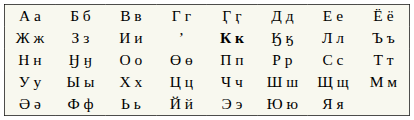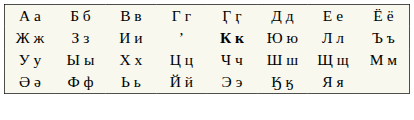 <table style="border: 1px solid rgb(0, 0, 0); border-image: none; font-family: Arial Unicode MS; font-size: 1.4em; border-collapse: collapse; background-color: rgb(248, 248, 239);">
 <tr>
 <td style="width:3em; text-align:center; padding: 3px;">А а</td>
 <td style="width:3em; text-align:center; padding: 3px;">Б б</td>
 <td style="width:3em; text-align:center; padding: 3px;">В в</td>
 <td style="width:3em; text-align:center; padding: 3px;">Г г</td>
 <td style="width:3em; text-align:center; padding: 3px;">Ӷ ӷ</td>
 <td style="width:3em; text-align:center; padding: 3px;">Д д</td>
 <td style="width:3em; text-align:center; padding: 3px;">Е е</td>
 <td style="width:3em; text-align:center; padding: 3px;">Ё ё</td>
 </tr>
 <tr>
 <td style="width:3em; text-align:center; padding: 3px;">Ж ж</td>
 <td style="width:3em; text-align:center; padding: 3px;">З з</td>
 <td style="width:3em; text-align:center; padding: 3px;">И и</td>
 <td style="width:3em; text-align:center; padding: 3px;">ʼ</td>
 <td style="width:3em; text-align:center; padding: 3px;"><strong>К к</strong></td>
-<td style="width:3em; text-align:center; padding: 3px;">Ӄ ӄ</td>
+<td style="width:3em; text-align:center; padding: 3px;">Ю ю</td>
 <td style="width:3em; text-align:center; padding: 3px;">Л л</td>
 <td style="width:3em; text-align:center; padding: 3px;">Ъ ъ</td>
-</tr>
-<tr>
-<td style="width:3em; text-align:center; padding: 3px;">Н н</td>
-<td style="width:3em; text-align:center; padding: 3px;">Ӈ ӈ</td>
-<td style="width:3em; text-align:center; padding: 3px;">О о</td>
-<td style="width:3em; text-align:center; padding: 3px;">Ө ө</td>
-<td style="width:3em; text-align:center; padding: 3px;">П п</td>
-<td style="width:3em; text-align:center; padding: 3px;">Р р</td>
-<td style="width:3em; text-align:center; padding: 3px;">С с</td>
-<td style="width:3em; text-align:center; padding: 3px;">Т т</td>
 </tr>
 <tr>
 <td style="width:3em; text-align:center; padding: 3px;">У у</td>
 <td style="width:3em; text-align:center; padding: 3px;">Ы ы</td>
 <td style="width:3em; text-align:center; padding: 3px;">Х х</td>
 <td style="width:3em; text-align:center; padding: 3px;">Ц ц</td>
 <td style="width:3em; text-align:center; padding: 3px;">Ч ч</td>
 <td style="width:3em; text-align:center; padding: 3px;">Ш ш</td>
 <td style="width:3em; text-align:center; padding: 3px;">Щ щ</td>
 <td style="width:3em; text-align:center; padding: 3px;">М м</td>
 </tr>
 <tr>
 <td style="width:3em; text-align:center; padding: 3px;">Ә ә</td>
 <td style="width:3em; text-align:center; padding: 3px;">Ф ф</td>
 <td style="width:3em; text-align:center; padding: 3px;">Ь ь</td>
 <td style="width:3em; text-align:center; padding: 3px;">Й й</td>
 <td style="width:3em; text-align:center; padding: 3px;">Э э</td>
-<td style="width:3em; text-align:center; padding: 3px;">Ю ю</td>
+<td style="width:3em; text-align:center; padding: 3px;">Ӄ ӄ</td>
 <td style="width:3em; text-align:center; padding: 3px;">Я я</td>
 <td></td>
 </tr>
 </table>
